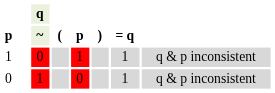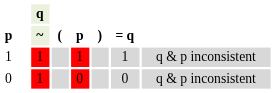 <table>
 <tr style="font-size:9pt" align="center">
 <th width="14.25" Height="12"></th>
 <th width="5.25"></th>
 <th style="background-color:#EAF1DD;font-weight:bold" width="14.25">q</th>
 <th style="font-weight:bold" width="12.75"></th>
 <th width="14.25"></th>
 <th width="12.75"></th>
 <th width="23.25"></th>
 <th width="111"></th>
 </tr>
 <tr style="font-size:9pt" align="center">
 <th style="font-weight:bold" Height="12">p</th>
 <th></th>
 <th style="background-color:#EAF1DD;font-weight:bold">~</th>
 <th style="font-weight:bold">(</th>
 <th style="font-weight:bold">p</th>
 <th style="font-weight:bold">)</th>
 <th style="font-weight:bold">= q</th>
 <th></th>
 </tr>
 <tr style="font-size:9pt" align="center">
 <td Height="12">1</td>
 <td></td>
-<td style="background-color:red">0</td>
+<td style="background-color:red">1</td>
 <td style="background-color:#D8D8D8"></td>
 <td style="background-color:red">1</td>
 <td style="background-color:#D8D8D8"></td>
 <td style="background-color:#D8D8D8">1</td>
 <td style="background-color:#D8D8D8">q & p inconsistent</td>
 </tr>
 <tr style="font-size:9pt" align="center">
 <td Height="12">0</td>
 <td></td>
 <td style="background-color:red">1</td>
 <td style="background-color:#D8D8D8"></td>
 <td style="background-color:red">0</td>
 <td style="background-color:#D8D8D8"></td>
-<td style="background-color:#D8D8D8">1</td>
+<td style="background-color:#D8D8D8">0</td>
 <td style="background-color:#D8D8D8">q & p inconsistent</td>
 </tr>
 </table>
